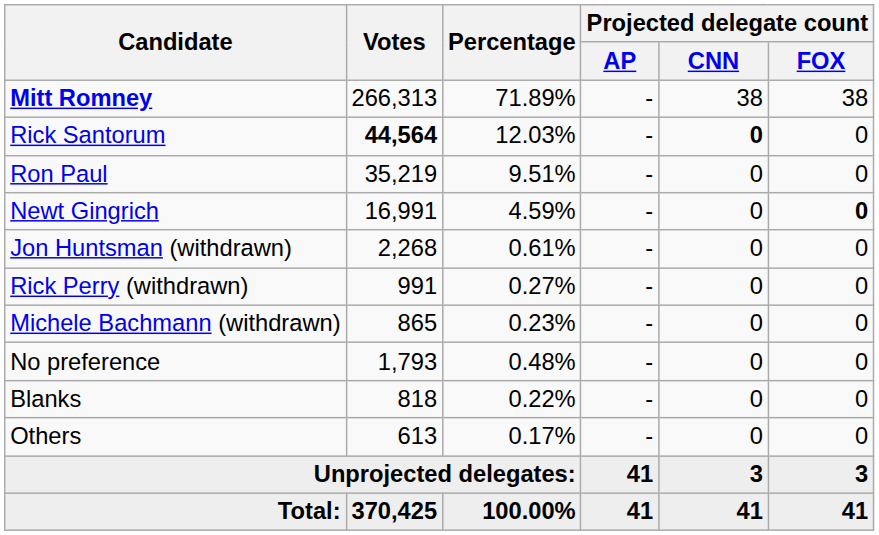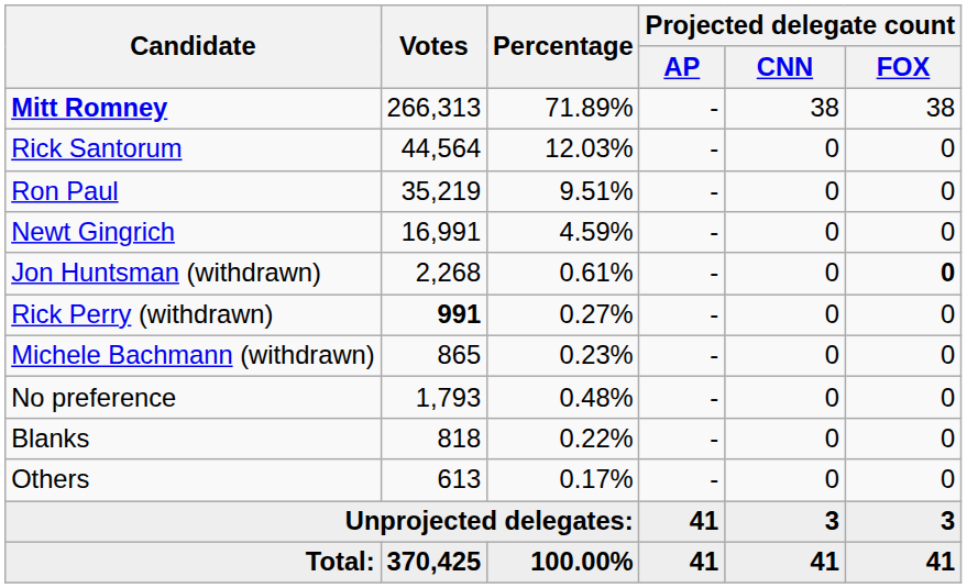 <table class="wikitable" style="text-align:right;">
 <tr>
 <th rowspan="2">Candidate</th>
 <th rowspan="2">Votes</th>
 <th rowspan="2">Percentage</th>
 <th colspan="3">Projected delegate count</th>
 </tr>
 <tr>
 <th><a href='#'>AP</a></th>
 <th><a href='#'>CNN</a><br></th>
 <th><a href='#'>FOX</a><br></th>
 </tr>
 <tr>
 <td align="left"><strong><a href='#'>Mitt Romney</a></strong></td>
 <td>266,313</td>
 <td>71.89%</td>
 <td>-</td>
 <td>38</td>
 <td>38</td>
 </tr>
 <tr>
 <td align="left"><a href='#'>Rick Santorum</a></td>
-<td><strong>44,564</strong></td>
+<td>44,564</td>
 <td>12.03%</td>
 <td>-</td>
-<td><strong>0</strong></td>
+<td>0</td>
 <td>0</td>
 </tr>
 <tr>
 <td align="left"><a href='#'>Ron Paul</a></td>
 <td>35,219</td>
 <td>9.51%</td>
 <td>-</td>
 <td>0</td>
 <td>0</td>
 </tr>
 <tr>
 <td align="left"><a href='#'>Newt Gingrich</a></td>
 <td>16,991</td>
 <td>4.59%</td>
 <td>-</td>
 <td>0</td>
-<td><strong>0</strong></td>
+<td>0</td>
 </tr>
 <tr>
 <td align="left"><a href='#'>Jon Huntsman</a> (withdrawn)</td>
 <td>2,268</td>
 <td>0.61%</td>
 <td>-</td>
 <td>0</td>
-<td>0</td>
+<td><strong>0</strong></td>
 </tr>
 <tr>
 <td align="left"><a href='#'>Rick Perry</a> (withdrawn)</td>
-<td>991</td>
+<td><strong>991</strong></td>
 <td>0.27%</td>
 <td>-</td>
 <td>0</td>
 <td>0</td>
 </tr>
 <tr>
 <td align="left"><a href='#'>Michele Bachmann</a> (withdrawn)</td>
 <td>865</td>
 <td>0.23%</td>
 <td>-</td>
 <td>0</td>
 <td>0</td>
 </tr>
 <tr>
 <td align="left">No preference</td>
 <td>1,793</td>
 <td>0.48%</td>
 <td>-</td>
 <td>0</td>
 <td>0</td>
 </tr>
 <tr>
 <td align="left">Blanks</td>
 <td>818</td>
 <td>0.22%</td>
 <td>-</td>
 <td>0</td>
 <td>0</td>
 </tr>
 <tr>
 <td align="left">Others</td>
 <td>613</td>
 <td>0.17%</td>
 <td>-</td>
 <td>0</td>
 <td>0</td>
 </tr>
 <tr bgcolor="#eeeeee">
 <td colspan="3"><strong>Unprojected delegates:</strong></td>
 <td><strong>41</strong></td>
 <td><strong>3</strong></td>
 <td><strong>3</strong></td>
 </tr>
 <tr bgcolor="#eeeeee">
 <td><strong>Total:</strong></td>
 <td><strong>370,425</strong></td>
 <td><strong>100.00%</strong></td>
 <td><strong>41</strong></td>
 <td><strong>41</strong></td>
 <td><strong>41</strong></td>
 </tr>
 </table>
